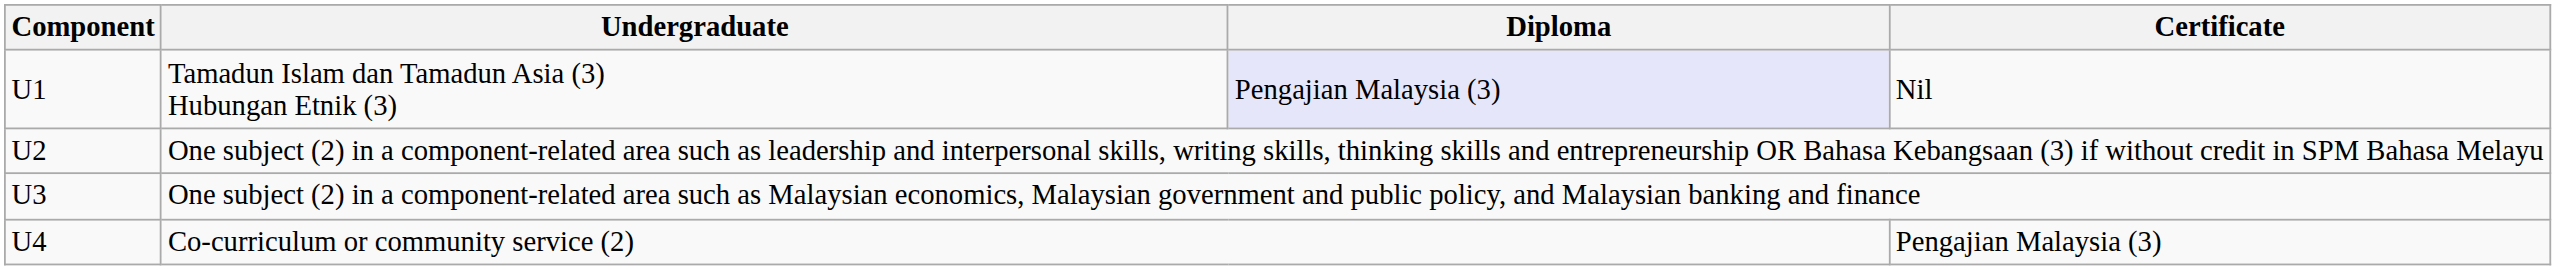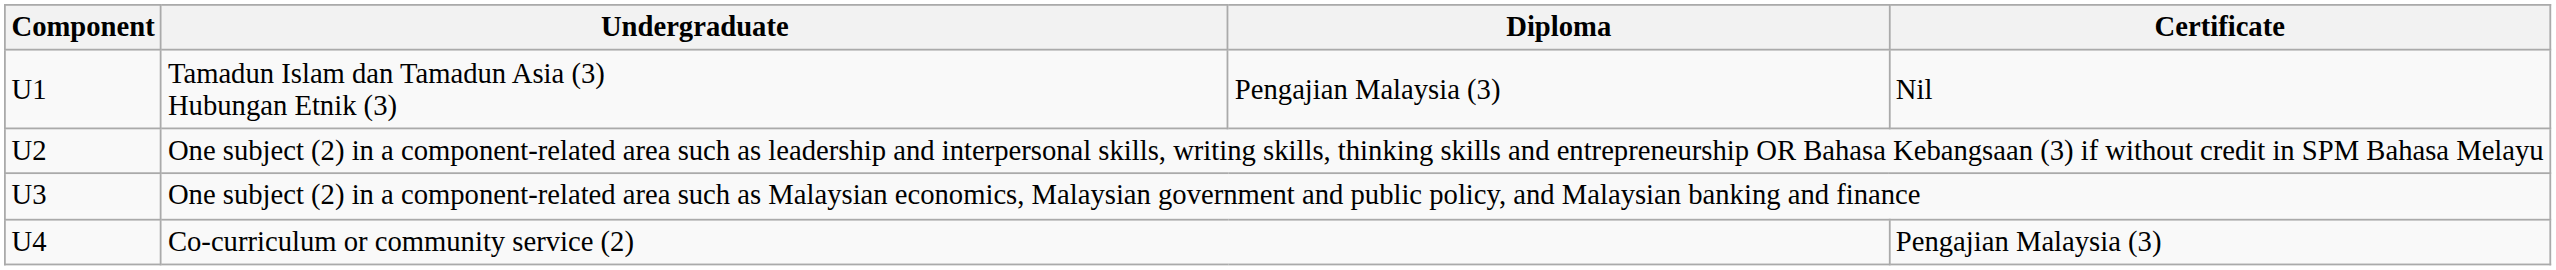 <table class="wikitable sortable">
 <tr>
 <th>Component</th>
 <th>Undergraduate</th>
 <th>Diploma</th>
 <th>Certificate</th>
 </tr>
 <tr>
 <td>U1</td>
 <td>Tamadun Islam dan Tamadun Asia (3)<br>Hubungan Etnik (3)</td>
-<td style="background: lavender;">Pengajian Malaysia (3)</td>
+<td>Pengajian Malaysia (3)</td>
 <td>Nil</td>
 </tr>
 <tr>
 <td>U2</td>
 <td colspan="3">One subject (2) in a component-related area such as leadership and interpersonal skills, writing skills, thinking skills and entrepreneurship OR Bahasa Kebangsaan (3) if without credit in SPM Bahasa Melayu</td>
 </tr>
 <tr>
 <td>U3</td>
 <td colspan="3">One subject (2) in a component-related area such as Malaysian economics, Malaysian government and public policy, and Malaysian banking and finance</td>
 </tr>
 <tr>
 <td>U4</td>
 <td colspan="2">Co-curriculum or community service (2)</td>
 <td>Pengajian Malaysia (3)</td>
 </tr>
 </table>
